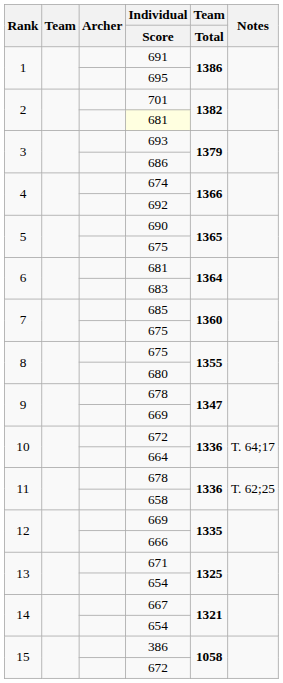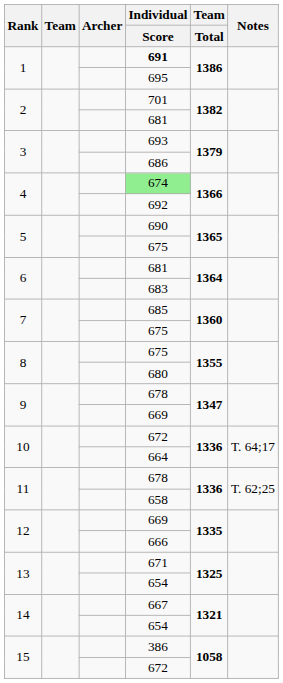 <table class="wikitable sortable" style="font-size:100%; text-align:center;">
 <tr>
 <th rowspan="2">Rank</th>
 <th rowspan="2">Team</th>
 <th rowspan="2">Archer</th>
 <th colspan="1">Individual</th>
 <th colspan="1">Team</th>
 <th rowspan="2">Notes</th>
 </tr>
 <tr>
 <th>Score</th>
 <th>Total</th>
 </tr>
 <tr>
 <td rowspan="2">1</td>
 <td rowspan="2" align="left"></td>
 <td align="left"></td>
-<td>691</td>
+<td><strong>691</strong></td>
 <td rowspan="2"><strong>1386</strong></td>
 <td rowspan="2"></td>
 </tr>
 <tr>
 <td align="left"></td>
 <td>695</td>
 </tr>
 <tr>
 <td rowspan="2">2</td>
 <td rowspan="2" align="left"></td>
 <td align="left"></td>
 <td>701</td>
 <td rowspan="2"><strong>1382</strong></td>
 <td rowspan="2"></td>
 </tr>
 <tr>
 <td align="left"></td>
-<td style="background: lightyellow;">681</td>
+<td>681</td>
 </tr>
 <tr>
 <td rowspan="2">3</td>
 <td rowspan="2" align="left"></td>
 <td align="left"></td>
 <td>693</td>
 <td rowspan="2"><strong>1379</strong></td>
 <td rowspan="2"></td>
 </tr>
 <tr>
 <td align="left"></td>
 <td>686</td>
 </tr>
 <tr>
 <td rowspan="2">4</td>
 <td rowspan="2" align="left"></td>
 <td align="left"></td>
-<td>674</td>
+<td style="background: lightgreen;">674</td>
 <td rowspan="2"><strong>1366</strong></td>
 <td rowspan="2"></td>
 </tr>
 <tr>
 <td align="left"></td>
 <td>692</td>
 </tr>
 <tr>
 <td rowspan="2">5</td>
 <td rowspan="2" align="left"></td>
 <td align="left"></td>
 <td>690</td>
 <td rowspan="2"><strong>1365</strong></td>
 <td rowspan="2"></td>
 </tr>
 <tr>
 <td align="left"></td>
 <td>675</td>
 </tr>
 <tr>
 <td rowspan="2">6</td>
 <td rowspan="2" align="left"></td>
 <td align="left"></td>
 <td>681</td>
 <td rowspan="2"><strong>1364</strong></td>
 <td rowspan="2"></td>
 </tr>
 <tr>
 <td align="left"></td>
 <td>683</td>
 </tr>
 <tr>
 <td rowspan="2">7</td>
 <td rowspan="2" align="left"></td>
 <td align="left"></td>
 <td>685</td>
 <td rowspan="2"><strong>1360</strong></td>
 <td rowspan="2"></td>
 </tr>
 <tr>
 <td align="left"></td>
 <td>675</td>
 </tr>
 <tr>
 <td rowspan="2">8</td>
 <td rowspan="2" align="left"></td>
 <td align="left"></td>
 <td>675</td>
 <td rowspan="2"><strong>1355</strong></td>
 <td rowspan="2"></td>
 </tr>
 <tr>
 <td align="left"></td>
 <td>680</td>
 </tr>
 <tr>
 <td rowspan="2">9</td>
 <td rowspan="2" align="left"></td>
 <td align="left"></td>
 <td>678</td>
 <td rowspan="2"><strong>1347</strong></td>
 <td rowspan="2"></td>
 </tr>
 <tr>
 <td align="left"></td>
 <td>669</td>
 </tr>
 <tr>
 <td rowspan="2">10</td>
 <td rowspan="2" align="left"></td>
 <td align="left"></td>
 <td>672</td>
 <td rowspan="2"><strong>1336</strong></td>
 <td rowspan="2">T. 64;17</td>
 </tr>
 <tr>
 <td align="left"></td>
 <td>664</td>
 </tr>
 <tr>
 <td rowspan="2">11</td>
 <td rowspan="2" align="left"></td>
 <td align="left"></td>
 <td>678</td>
 <td rowspan="2"><strong>1336</strong></td>
 <td rowspan="2">T. 62;25</td>
 </tr>
 <tr>
 <td align="left"></td>
 <td>658</td>
 </tr>
 <tr>
 <td rowspan="2">12</td>
 <td rowspan="2" align="left"></td>
 <td align="left"></td>
 <td>669</td>
 <td rowspan="2"><strong>1335</strong></td>
 <td rowspan="2"></td>
 </tr>
 <tr>
 <td align="left"></td>
 <td>666</td>
 </tr>
 <tr>
 <td rowspan="2">13</td>
 <td rowspan="2" align="left"></td>
 <td align="left"></td>
 <td>671</td>
 <td rowspan="2"><strong>1325</strong></td>
 <td rowspan="2"></td>
 </tr>
 <tr>
 <td align="left"></td>
 <td>654</td>
 </tr>
 <tr>
 <td rowspan="2">14</td>
 <td rowspan="2" align="left"></td>
 <td align="left"></td>
 <td>667</td>
 <td rowspan="2"><strong>1321</strong></td>
 <td rowspan="2"></td>
 </tr>
 <tr>
 <td align="left"></td>
 <td>654</td>
 </tr>
 <tr>
 <td rowspan="2">15</td>
 <td rowspan="2" align="left"></td>
 <td align="left"></td>
 <td>386</td>
 <td rowspan="2"><strong>1058</strong></td>
 <td rowspan="2"></td>
 </tr>
 <tr>
 <td align="left"></td>
 <td>672</td>
 </tr>
 </table>
